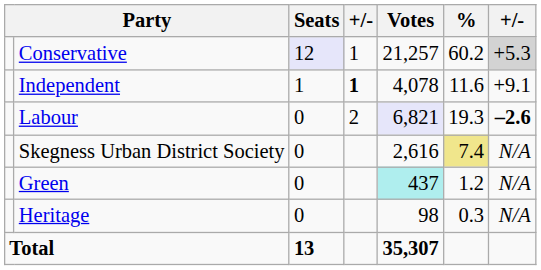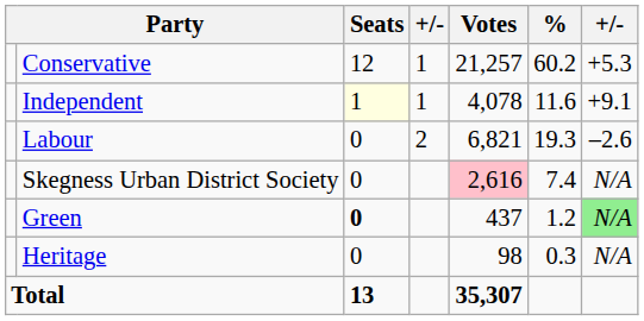 <table class="wikitable sortable">
 <tr>
 <th colspan="2">Party</th>
 <th>Seats</th>
 <th>+/-</th>
 <th>Votes</th>
 <th>%</th>
 <th>+/-</th>
 </tr>
 <tr>
 <td style="background-color: "></td>
 <td><a href='#'>Conservative</a></td>
-<td style="background: lavender;">12</td>
+<td>12</td>
 <td> 1</td>
 <td style="text-align:right;">21,257</td>
 <td style="text-align:right;">60.2</td>
-<td style="background: lightgrey; text-align:right;">+5.3</td>
+<td style="text-align:right;">+5.3</td>
 </tr>
 <tr>
 <td style="background-color: "></td>
 <td><a href='#'>Independent</a></td>
-<td>1</td>
-<td><strong> 1</strong></td>
+<td style="background: lightyellow;">1</td>
+<td> 1</td>
 <td style="text-align:right;">4,078</td>
 <td style="text-align:right;">11.6</td>
 <td style="text-align:right;">+9.1</td>
 </tr>
 <tr>
 <td style="background-color: "></td>
 <td><a href='#'>Labour</a></td>
 <td>0</td>
 <td> 2</td>
-<td style="background: lavender; text-align:right;">6,821</td>
+<td style="text-align:right;">6,821</td>
 <td style="text-align:right;">19.3</td>
-<td style="text-align:right;"><strong>–2.6</strong></td>
+<td style="text-align:right;">–2.6</td>
 </tr>
 <tr>
 <td style="background-color: "></td>
 <td>Skegness Urban District Society</td>
 <td>0</td>
 <td></td>
-<td style="text-align:right;">2,616</td>
-<td style="background: khaki; text-align:right;">7.4</td>
+<td style="background: pink; text-align:right;">2,616</td>
+<td style="text-align:right;">7.4</td>
 <td style="text-align:right;"><em>N/A</em></td>
 </tr>
 <tr>
 <td style="background-color: "></td>
 <td><a href='#'>Green</a></td>
-<td>0</td>
+<td><strong>0</strong></td>
 <td></td>
-<td style="background: paleturquoise; text-align:right;">437</td>
+<td style="text-align:right;">437</td>
 <td style="text-align:right;">1.2</td>
-<td style="text-align:right;"><em>N/A</em></td>
+<td style="background: lightgreen; text-align:right;"><em>N/A</em></td>
 </tr>
 <tr>
 <td style="background-color: "></td>
 <td><a href='#'>Heritage</a></td>
 <td>0</td>
 <td></td>
 <td style="text-align:right;">98</td>
 <td style="text-align:right;">0.3</td>
 <td style="text-align:right;"><em>N/A</em></td>
 </tr>
 <tr>
 <td colspan="2"><strong>Total</strong></td>
 <td><strong>13</strong></td>
 <td></td>
 <td style="text-align:right;"><strong>35,307</strong></td>
 <td style="text-align:right;"></td>
 <td style="text-align:right;"></td>
 </tr>
 </table>
